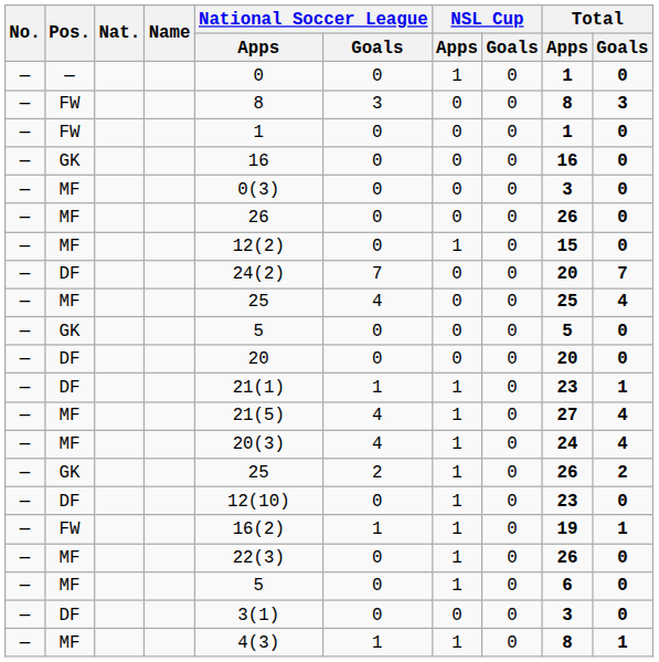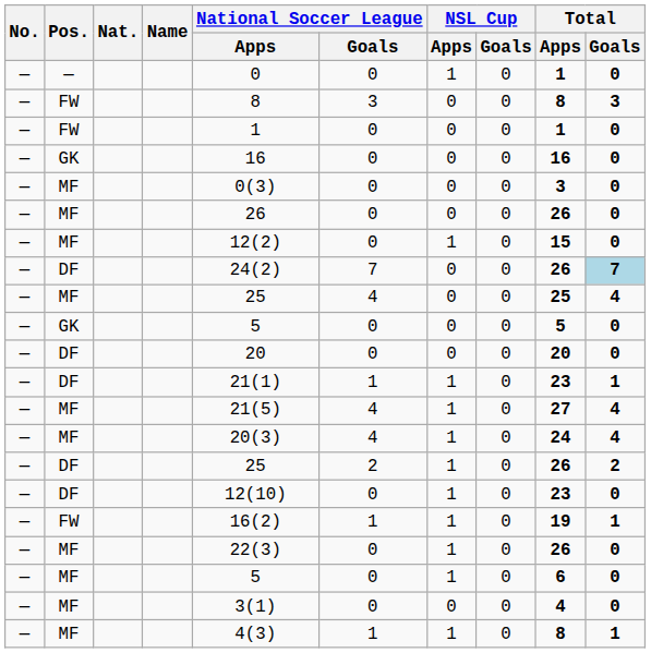 <table class="wikitable sortable" style="text-align:center">
 <tr>
 <th rowspan="2">No.</th>
 <th rowspan="2">Pos.</th>
 <th rowspan="2">Nat.</th>
 <th rowspan="2">Name</th>
 <th colspan="2"><a href='#'>National Soccer League</a></th>
 <th colspan="2"><a href='#'>NSL Cup</a></th>
 <th colspan="2">Total</th>
 </tr>
 <tr>
 <th>Apps</th>
 <th>Goals</th>
 <th>Apps</th>
 <th>Goals</th>
 <th>Apps</th>
 <th>Goals</th>
 </tr>
 <tr>
 <td>—</td>
 <td>—</td>
 <td></td>
 <td align=left></td>
 <td>0</td>
 <td>0</td>
 <td>1</td>
 <td>0</td>
 <td><strong>1</strong></td>
 <td><strong>0</strong></td>
 </tr>
 <tr>
 <td>—</td>
 <td>FW</td>
 <td></td>
 <td align=left></td>
 <td>8</td>
 <td>3</td>
 <td>0</td>
 <td>0</td>
 <td><strong>8</strong></td>
 <td><strong>3</strong></td>
 </tr>
 <tr>
 <td>—</td>
 <td>FW</td>
 <td></td>
 <td align=left></td>
 <td>1</td>
 <td>0</td>
 <td>0</td>
 <td>0</td>
 <td><strong>1</strong></td>
 <td><strong>0</strong></td>
 </tr>
 <tr>
 <td>—</td>
 <td>GK</td>
 <td></td>
 <td align=left></td>
 <td>16</td>
 <td>0</td>
 <td>0</td>
 <td>0</td>
 <td><strong>16</strong></td>
 <td><strong>0</strong></td>
 </tr>
 <tr>
 <td>—</td>
 <td>MF</td>
 <td></td>
 <td align=left></td>
 <td>0(3)</td>
 <td>0</td>
 <td>0</td>
 <td>0</td>
 <td><strong>3</strong></td>
 <td><strong>0</strong></td>
 </tr>
 <tr>
 <td>—</td>
 <td>MF</td>
 <td></td>
 <td align=left></td>
 <td>26</td>
 <td>0</td>
 <td>0</td>
 <td>0</td>
 <td><strong>26</strong></td>
 <td><strong>0</strong></td>
 </tr>
 <tr>
 <td>—</td>
 <td>MF</td>
 <td></td>
 <td align=left></td>
 <td>12(2)</td>
 <td>0</td>
 <td>1</td>
 <td>0</td>
 <td><strong>15</strong></td>
 <td><strong>0</strong></td>
 </tr>
 <tr>
 <td>—</td>
 <td>DF</td>
 <td></td>
 <td align=left></td>
 <td>24(2)</td>
 <td>7</td>
 <td>0</td>
 <td>0</td>
-<td><strong>20</strong></td>
-<td><strong>7</strong></td>
+<td><strong>26</strong></td>
+<td style="background: lightblue;"><strong>7</strong></td>
 </tr>
 <tr>
 <td>—</td>
 <td>MF</td>
 <td></td>
 <td align=left></td>
 <td>25</td>
 <td>4</td>
 <td>0</td>
 <td>0</td>
 <td><strong>25</strong></td>
 <td><strong>4</strong></td>
 </tr>
 <tr>
 <td>—</td>
 <td>GK</td>
 <td></td>
 <td align=left></td>
 <td>5</td>
 <td>0</td>
 <td>0</td>
 <td>0</td>
 <td><strong>5</strong></td>
 <td><strong>0</strong></td>
 </tr>
 <tr>
 <td>—</td>
 <td>DF</td>
 <td></td>
 <td align=left></td>
 <td>20</td>
 <td>0</td>
 <td>0</td>
 <td>0</td>
 <td><strong>20</strong></td>
 <td><strong>0</strong></td>
 </tr>
 <tr>
 <td>—</td>
 <td>DF</td>
 <td></td>
 <td align=left></td>
 <td>21(1)</td>
 <td>1</td>
 <td>1</td>
 <td>0</td>
 <td><strong>23</strong></td>
 <td><strong>1</strong></td>
 </tr>
 <tr>
 <td>—</td>
 <td>MF</td>
 <td></td>
 <td align=left></td>
 <td>21(5)</td>
 <td>4</td>
 <td>1</td>
 <td>0</td>
 <td><strong>27</strong></td>
 <td><strong>4</strong></td>
 </tr>
 <tr>
 <td>—</td>
 <td>MF</td>
 <td></td>
 <td align=left></td>
 <td>20(3)</td>
 <td>4</td>
 <td>1</td>
 <td>0</td>
 <td><strong>24</strong></td>
 <td><strong>4</strong></td>
 </tr>
 <tr>
 <td>—</td>
-<td>GK</td>
+<td>DF</td>
 <td></td>
 <td align=left></td>
 <td>25</td>
 <td>2</td>
 <td>1</td>
 <td>0</td>
 <td><strong>26</strong></td>
 <td><strong>2</strong></td>
 </tr>
 <tr>
 <td>—</td>
 <td>DF</td>
 <td></td>
 <td align=left></td>
 <td>12(10)</td>
 <td>0</td>
 <td>1</td>
 <td>0</td>
 <td><strong>23</strong></td>
 <td><strong>0</strong></td>
 </tr>
 <tr>
 <td>—</td>
 <td>FW</td>
 <td></td>
 <td align=left></td>
 <td>16(2)</td>
 <td>1</td>
 <td>1</td>
 <td>0</td>
 <td><strong>19</strong></td>
 <td><strong>1</strong></td>
 </tr>
 <tr>
 <td>—</td>
 <td>MF</td>
 <td></td>
 <td align=left></td>
 <td>22(3)</td>
 <td>0</td>
 <td>1</td>
 <td>0</td>
 <td><strong>26</strong></td>
 <td><strong>0</strong></td>
 </tr>
 <tr>
 <td>—</td>
 <td>MF</td>
 <td></td>
 <td align=left></td>
 <td>5</td>
 <td>0</td>
 <td>1</td>
 <td>0</td>
 <td><strong>6</strong></td>
 <td><strong>0</strong></td>
 </tr>
 <tr>
 <td>—</td>
-<td>DF</td>
+<td>MF</td>
 <td></td>
 <td align=left></td>
 <td>3(1)</td>
 <td>0</td>
 <td>0</td>
 <td>0</td>
-<td><strong>3</strong></td>
+<td><strong>4</strong></td>
 <td><strong>0</strong></td>
 </tr>
 <tr>
 <td>—</td>
 <td>MF</td>
 <td></td>
 <td align=left></td>
 <td>4(3)</td>
 <td>1</td>
 <td>1</td>
 <td>0</td>
 <td><strong>8</strong></td>
 <td><strong>1</strong></td>
 </tr>
 </table>
